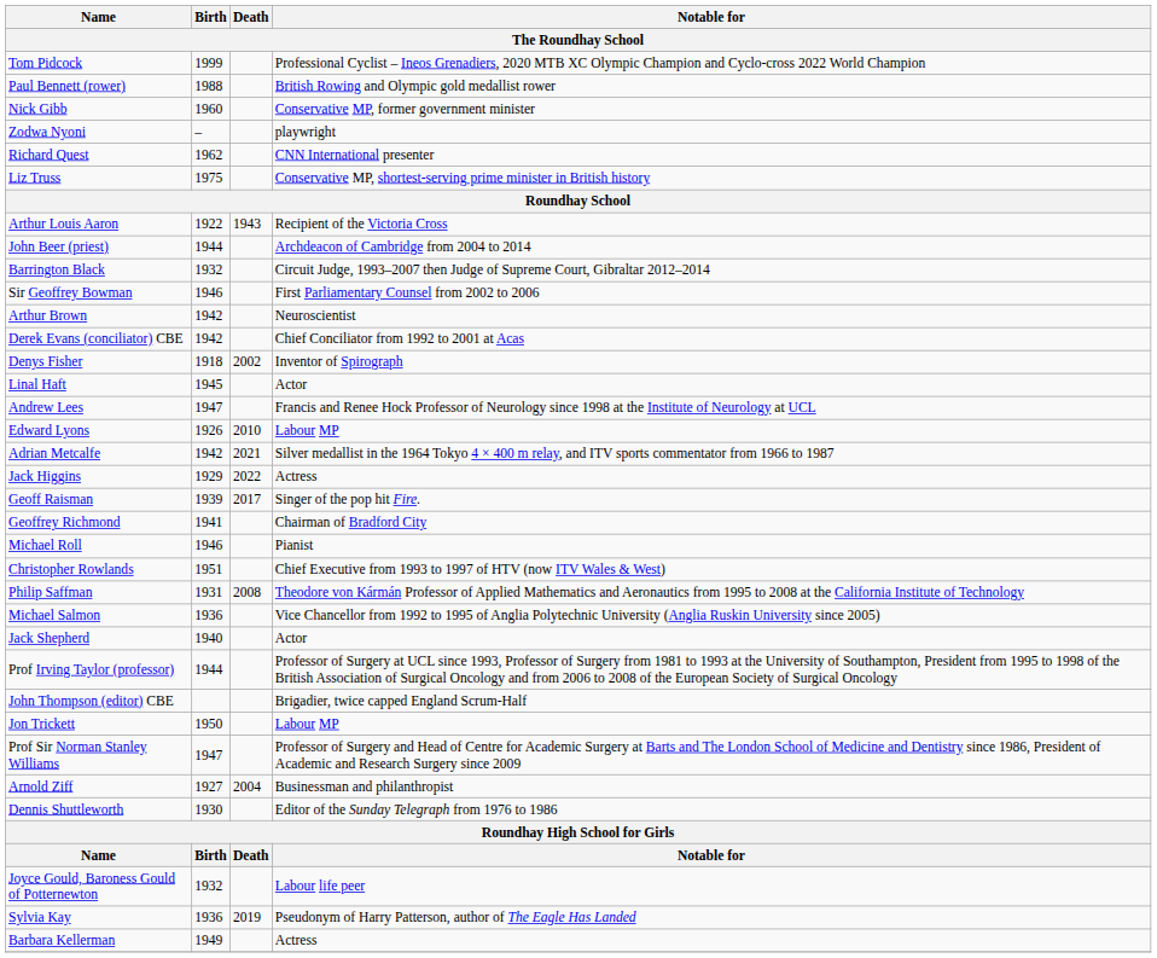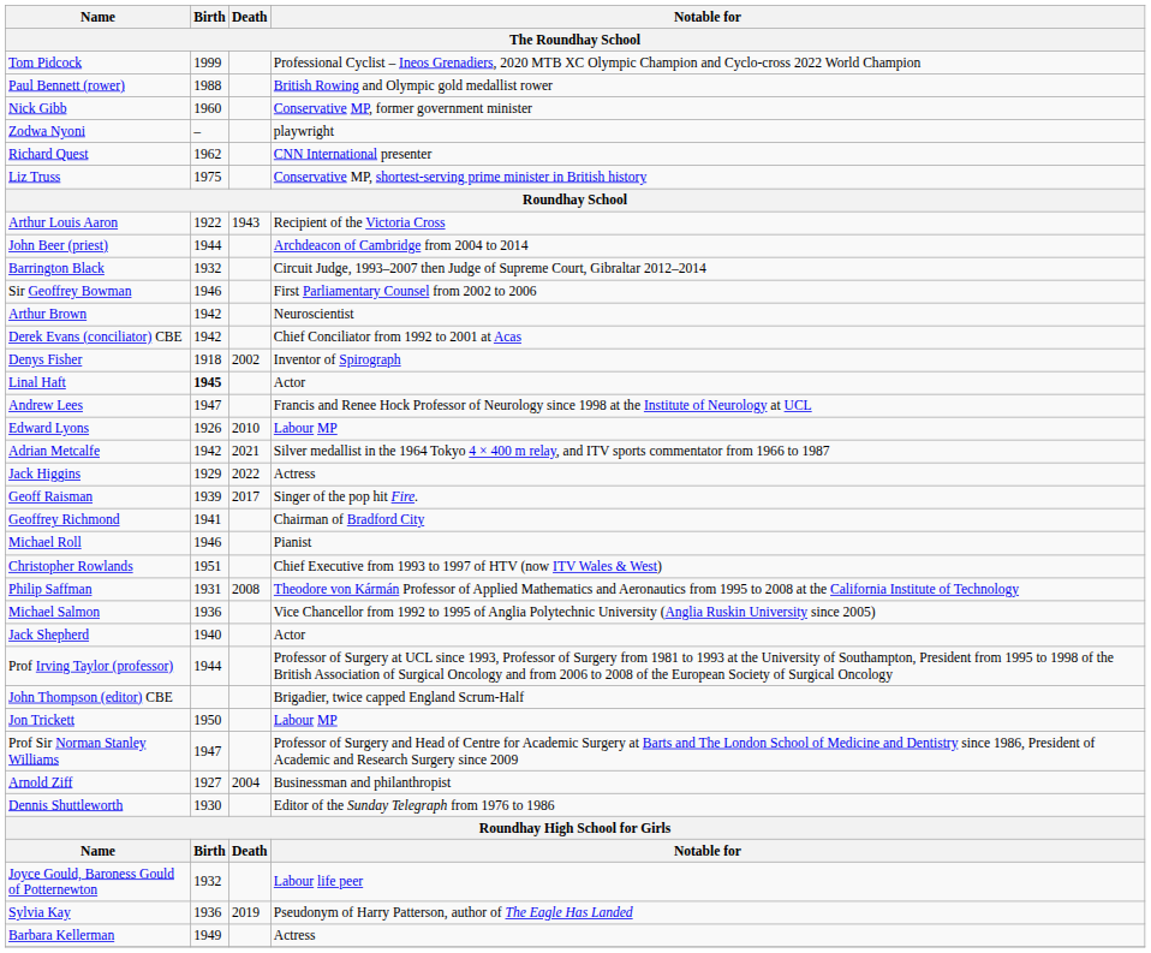 <table class="wikitable sortable" style=" font-size: 95%;">
 <tr>
 <th>Name</th>
 <th>Birth</th>
 <th>Death</th>
 <th>Notable for</th>
 </tr>
 <tr>
 <th colspan=6 background=white><strong>The Roundhay School</strong></th>
 </tr>
 <tr>
 <td><a href='#'>Tom Pidcock</a></td>
 <td>1999</td>
 <td></td>
 <td>Professional Cyclist – <a href='#'>Ineos Grenadiers</a>, 2020 MTB XC Olympic Champion and Cyclo-cross 2022 World Champion</td>
 </tr>
 <tr>
 <td><a href='#'>Paul Bennett (rower)</a></td>
 <td>1988</td>
 <td></td>
 <td><a href='#'>British Rowing</a> and Olympic gold medallist rower</td>
 </tr>
 <tr>
 <td><a href='#'>Nick Gibb</a></td>
 <td>1960</td>
 <td></td>
 <td><a href='#'>Conservative</a> <a href='#'>MP</a>, former government minister</td>
 </tr>
 <tr>
 <td><a href='#'>Zodwa Nyoni</a></td>
 <td>–</td>
 <td></td>
 <td>playwright</td>
 </tr>
 <tr>
 <td><a href='#'>Richard Quest</a></td>
 <td>1962</td>
 <td></td>
 <td><a href='#'>CNN International</a> presenter</td>
 </tr>
 <tr>
 <td><a href='#'>Liz Truss</a></td>
 <td>1975</td>
 <td></td>
 <td><a href='#'>Conservative</a> MP, <a href='#'>shortest-serving prime minister in British history</a></td>
 </tr>
 <tr>
 <th colspan=6 background=white><strong>Roundhay School</strong></th>
 </tr>
 <tr>
 <td><a href='#'>Arthur Louis Aaron</a></td>
 <td>1922</td>
 <td>1943</td>
 <td>Recipient of the <a href='#'>Victoria Cross</a></td>
 </tr>
 <tr>
 <td><a href='#'>John Beer (priest)</a></td>
 <td>1944</td>
 <td></td>
 <td><a href='#'>Archdeacon of Cambridge</a> from 2004 to 2014</td>
 </tr>
 <tr>
 <td><a href='#'>Barrington Black</a></td>
 <td>1932</td>
 <td></td>
 <td>Circuit Judge, 1993–2007  then Judge of Supreme Court, Gibraltar 2012–2014</td>
 </tr>
 <tr>
 <td>Sir <a href='#'>Geoffrey Bowman</a></td>
 <td>1946</td>
 <td></td>
 <td>First <a href='#'>Parliamentary Counsel</a> from 2002 to 2006</td>
 </tr>
 <tr>
 <td><a href='#'>Arthur Brown</a></td>
 <td>1942</td>
 <td></td>
 <td>Neuroscientist</td>
 </tr>
 <tr>
 <td><a href='#'>Derek Evans (conciliator)</a> CBE</td>
 <td>1942</td>
 <td></td>
 <td>Chief Conciliator from 1992 to 2001 at <a href='#'>Acas</a></td>
 </tr>
 <tr>
 <td><a href='#'>Denys Fisher</a></td>
 <td>1918</td>
 <td>2002</td>
 <td>Inventor of <a href='#'>Spirograph</a></td>
 </tr>
 <tr>
 <td><a href='#'>Linal Haft</a></td>
-<td>1945</td>
+<td><strong>1945</strong></td>
 <td></td>
 <td>Actor</td>
 </tr>
 <tr>
 <td><a href='#'>Andrew Lees</a></td>
 <td>1947</td>
 <td></td>
 <td>Francis and Renee Hock Professor of Neurology since 1998 at the <a href='#'>Institute of Neurology</a> at <a href='#'>UCL</a></td>
 </tr>
 <tr>
 <td><a href='#'>Edward Lyons</a></td>
 <td>1926</td>
 <td>2010</td>
 <td><a href='#'>Labour</a> <a href='#'>MP</a></td>
 </tr>
 <tr>
 <td><a href='#'>Adrian Metcalfe</a></td>
 <td>1942</td>
 <td>2021</td>
 <td>Silver medallist in the 1964 Tokyo <a href='#'>4 × 400 m relay</a>, and ITV sports commentator from 1966 to 1987</td>
 </tr>
 <tr>
 <td><a href='#'>Jack Higgins</a></td>
 <td>1929</td>
 <td>2022</td>
 <td>Actress</td>
 </tr>
 <tr>
 <td><a href='#'>Geoff Raisman</a></td>
 <td>1939</td>
 <td>2017</td>
 <td>Singer of the pop hit <em><a href='#'>Fire</a></em>.</td>
 </tr>
 <tr>
 <td><a href='#'>Geoffrey Richmond</a></td>
 <td>1941</td>
 <td></td>
 <td>Chairman of <a href='#'>Bradford City</a></td>
 </tr>
 <tr>
 <td><a href='#'>Michael Roll</a></td>
 <td>1946</td>
 <td></td>
 <td>Pianist</td>
 </tr>
 <tr>
 <td><a href='#'>Christopher Rowlands</a></td>
 <td>1951</td>
 <td></td>
 <td>Chief Executive from 1993 to 1997 of HTV (now <a href='#'>ITV Wales & West</a>)</td>
 </tr>
 <tr>
 <td><a href='#'>Philip Saffman</a></td>
 <td>1931</td>
 <td>2008</td>
 <td><a href='#'>Theodore von Kármán</a> Professor of Applied Mathematics and Aeronautics from 1995 to 2008 at the <a href='#'>California Institute of Technology</a></td>
 </tr>
 <tr>
 <td><a href='#'>Michael Salmon</a></td>
 <td>1936</td>
 <td></td>
 <td>Vice Chancellor from 1992 to 1995 of Anglia Polytechnic University (<a href='#'>Anglia Ruskin University</a> since 2005)</td>
 </tr>
 <tr>
 <td><a href='#'>Jack Shepherd</a></td>
 <td>1940</td>
 <td></td>
 <td>Actor</td>
 </tr>
 <tr>
 <td>Prof <a href='#'>Irving Taylor (professor)</a></td>
 <td>1944</td>
 <td></td>
 <td>Professor of Surgery at UCL since 1993, Professor of Surgery from 1981 to 1993 at the University of Southampton, President from 1995 to 1998 of the British Association of Surgical Oncology and from 2006 to 2008 of the European Society of Surgical Oncology</td>
 </tr>
 <tr>
 <td><a href='#'>John Thompson (editor)</a> CBE</td>
 <td></td>
 <td></td>
 <td>Brigadier, twice capped England Scrum-Half</td>
 </tr>
 <tr>
 <td><a href='#'>Jon Trickett</a></td>
 <td>1950</td>
 <td></td>
 <td><a href='#'>Labour</a> <a href='#'>MP</a></td>
 </tr>
 <tr>
 <td>Prof Sir <a href='#'>Norman Stanley Williams</a></td>
 <td>1947</td>
 <td></td>
 <td>Professor of Surgery and Head of Centre for Academic Surgery at <a href='#'>Barts and The London School of Medicine and Dentistry</a> since 1986, President of Academic and Research Surgery since 2009</td>
 </tr>
 <tr>
 <td><a href='#'>Arnold Ziff</a></td>
 <td>1927</td>
 <td>2004</td>
 <td>Businessman and philanthropist</td>
 </tr>
 <tr>
 <td><a href='#'>Dennis Shuttleworth</a></td>
 <td>1930</td>
 <td></td>
 <td>Editor of the <em>Sunday Telegraph</em> from 1976 to 1986</td>
 </tr>
 <tr>
 <th colspan=6 background=white><strong>Roundhay High School for Girls</strong></th>
 </tr>
 <tr>
 <th>Name</th>
 <th>Birth</th>
 <th>Death</th>
 <th>Notable for</th>
 </tr>
 <tr>
 <td><a href='#'>Joyce Gould, Baroness Gould of Potternewton</a></td>
 <td>1932</td>
 <td></td>
 <td><a href='#'>Labour</a> <a href='#'>life peer</a></td>
 </tr>
 <tr>
 <td><a href='#'>Sylvia Kay</a></td>
 <td>1936</td>
 <td>2019</td>
 <td>Pseudonym of Harry Patterson, author of <em><a href='#'>The Eagle Has Landed</a></em></td>
 </tr>
 <tr>
 <td><a href='#'>Barbara Kellerman</a></td>
 <td>1949</td>
 <td></td>
 <td>Actress</td>
 </tr>
 <tr>
 </tr>
 </table>
